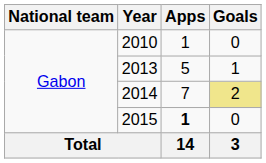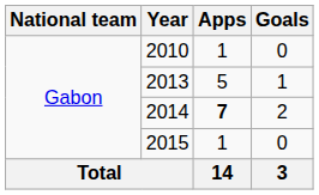 <table class="wikitable" style="text-align:center">
 <tr>
 <th>National team</th>
 <th>Year</th>
 <th>Apps</th>
 <th>Goals</th>
 </tr>
 <tr>
 <td rowspan="4"><a href='#'>Gabon</a></td>
 <td>2010</td>
 <td>1</td>
 <td>0</td>
 </tr>
 <tr>
 <td>2013</td>
 <td>5</td>
 <td>1</td>
 </tr>
 <tr>
 <td>2014</td>
-<td>7</td>
-<td style="background: khaki;">2</td>
+<td><strong>7</strong></td>
+<td>2</td>
 </tr>
 <tr>
 <td>2015</td>
-<td><strong>1</strong></td>
+<td>1</td>
 <td>0</td>
 </tr>
 <tr>
 <th colspan="2">Total</th>
 <th>14</th>
 <th>3</th>
 </tr>
 </table>
